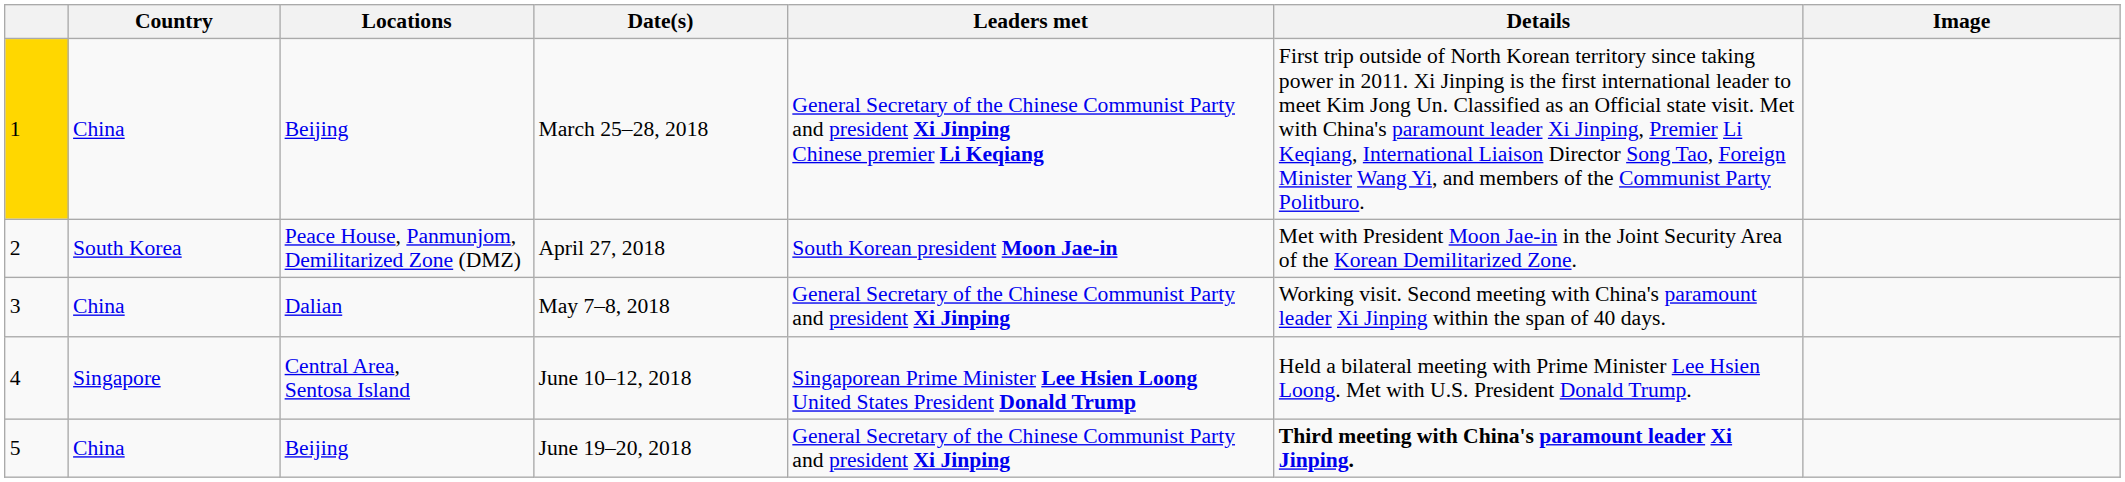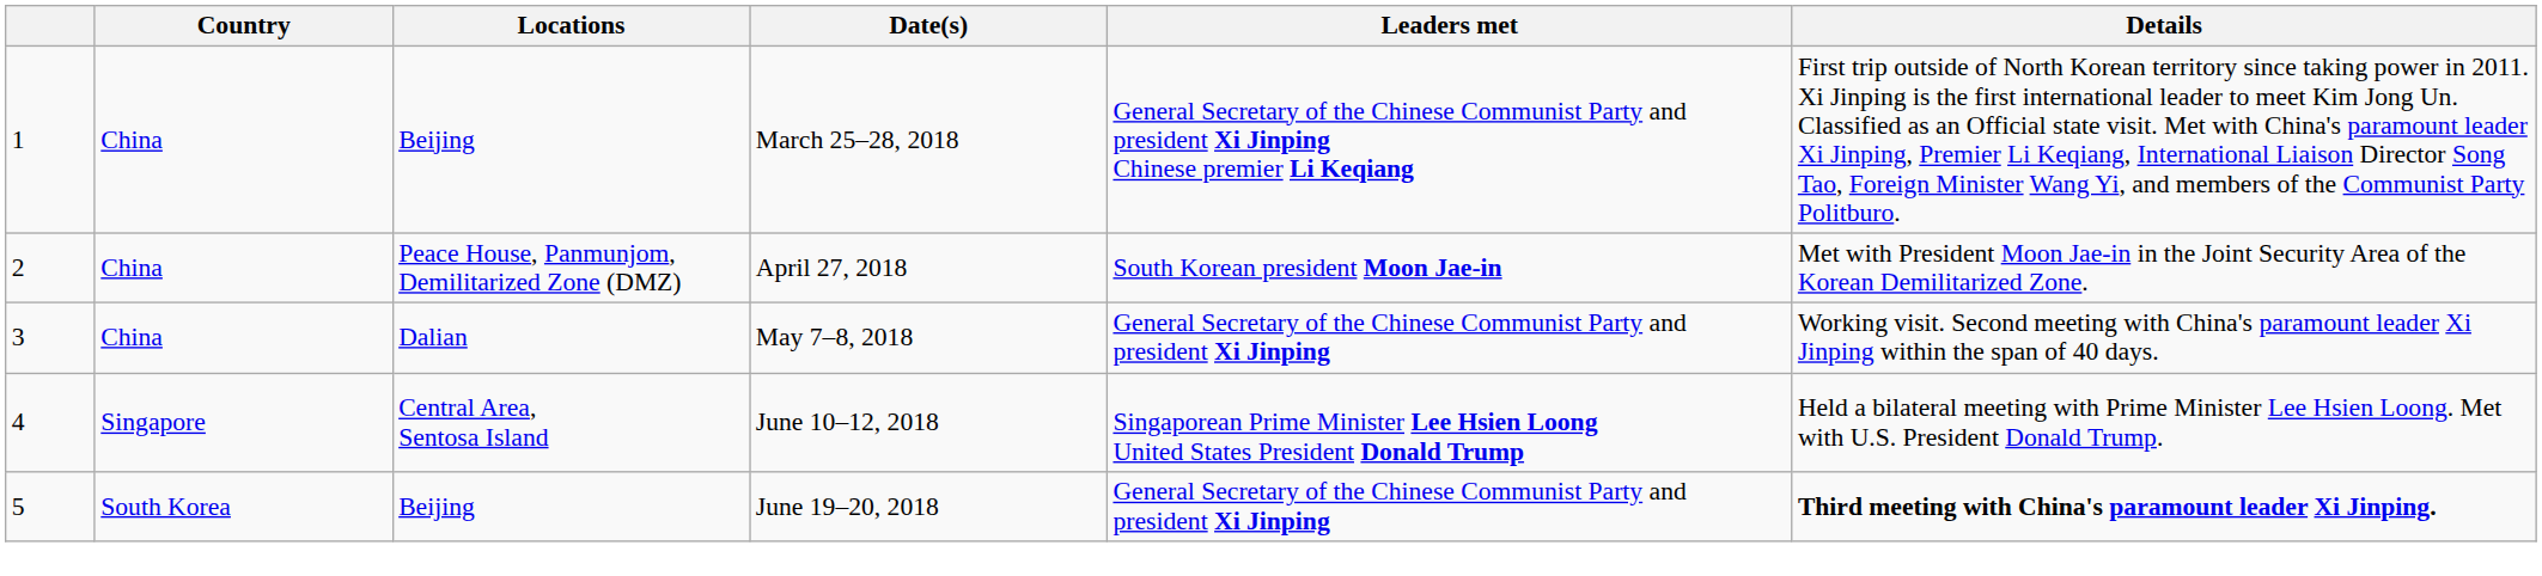 <table class="wikitable">
 <tr>
 <th style="width: 3%;"></th>
 <th style="width: 10%;">Country</th>
 <th style="width: 12%;">Locations</th>
 <th style="width: 12%;">Date(s)</th>
 <th style="width: 23%;">Leaders met</th>
 <th style="width: 25%;">Details</th>
-<th style="width: 15%;">Image</th>
 </tr>
 <tr>
-<td style="background: gold;">1</td>
+<td>1</td>
 <td> <a href='#'>China</a></td>
 <td><a href='#'>Beijing</a></td>
 <td>March 25–28, 2018</td>
 <td> <a href='#'>General Secretary of the Chinese Communist Party</a> and <a href='#'>president</a> <strong><a href='#'>Xi Jinping</a></strong><br> <a href='#'>Chinese premier</a> <strong><a href='#'>Li Keqiang</a></strong></td>
 <td>First trip outside of North Korean territory since taking power in 2011. Xi Jinping is the first international leader to meet Kim Jong Un. Classified as an Official state visit. Met with China's <a href='#'>paramount leader</a> <a href='#'>Xi Jinping</a>, <a href='#'>Premier</a> <a href='#'>Li Keqiang</a>, <a href='#'>International Liaison</a> Director <a href='#'>Song Tao</a>, <a href='#'>Foreign Minister</a> <a href='#'>Wang Yi</a>, and members of the <a href='#'>Communist Party Politburo</a>.</td>
-<td></td>
 </tr>
 <tr>
 <td>2</td>
-<td> <a href='#'>South Korea</a></td>
+<td> <a href='#'>China</a></td>
 <td><a href='#'>Peace House</a>, <a href='#'>Panmunjom</a>, <a href='#'>Demilitarized Zone</a> (DMZ)</td>
 <td>April 27, 2018</td>
 <td> <a href='#'>South Korean president</a> <strong><a href='#'>Moon Jae-in</a></strong></td>
 <td> Met with President <a href='#'>Moon Jae-in</a> in the Joint Security Area of the <a href='#'>Korean Demilitarized Zone</a>.</td>
-<td></td>
 </tr>
 <tr>
 <td>3</td>
 <td> <a href='#'>China</a></td>
 <td><a href='#'>Dalian</a></td>
 <td>May 7–8, 2018</td>
 <td> <a href='#'>General Secretary of the Chinese Communist Party</a> and <a href='#'>president</a> <strong><a href='#'>Xi Jinping</a></strong></td>
 <td>Working visit. Second meeting with China's <a href='#'>paramount leader</a> <a href='#'>Xi Jinping</a> within the span of 40 days.</td>
-<td></td>
 </tr>
 <tr>
 <td>4</td>
 <td> <a href='#'>Singapore</a></td>
 <td><a href='#'>Central Area</a>,<br><a href='#'>Sentosa Island</a></td>
 <td>June 10–12, 2018</td>
 <td><br> <a href='#'>Singaporean Prime Minister</a> <strong><a href='#'>Lee Hsien Loong</a></strong><br>  <a href='#'>United States President</a> <strong><a href='#'>Donald Trump</a></strong></td>
 <td>Held a bilateral meeting with Prime Minister <a href='#'>Lee Hsien Loong</a>. Met with U.S. President <a href='#'>Donald Trump</a>.</td>
-<td></td>
 </tr>
 <tr>
 <td>5</td>
-<td> <a href='#'>China</a></td>
+<td> <a href='#'>South Korea</a></td>
 <td><a href='#'>Beijing</a></td>
 <td>June 19–20, 2018</td>
 <td> <a href='#'>General Secretary of the Chinese Communist Party</a> and <a href='#'>president</a> <strong><a href='#'>Xi Jinping</a></strong></td>
 <td><strong>Third meeting with China's <a href='#'>paramount leader</a> <a href='#'>Xi Jinping</a>.</strong></td>
-<td></td>
 </tr>
 </table>
